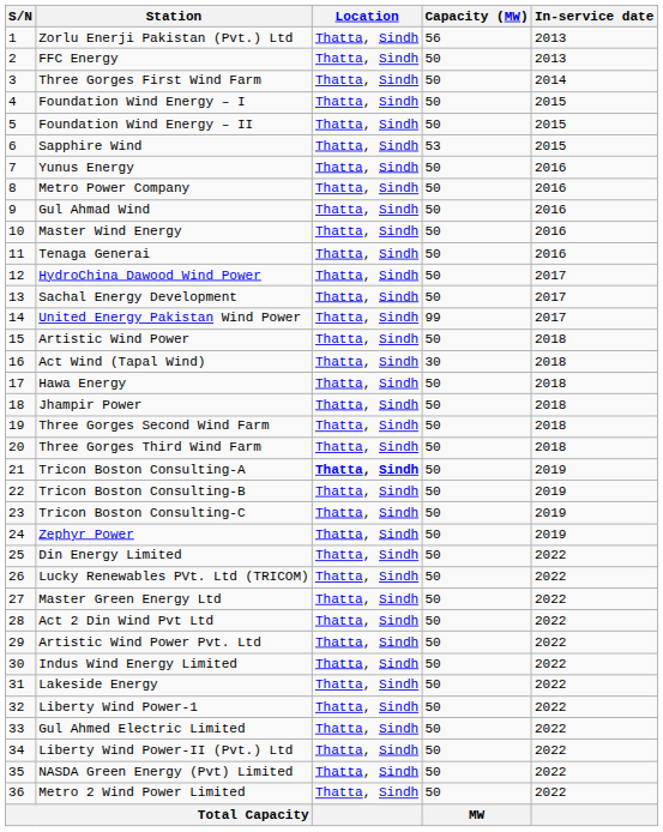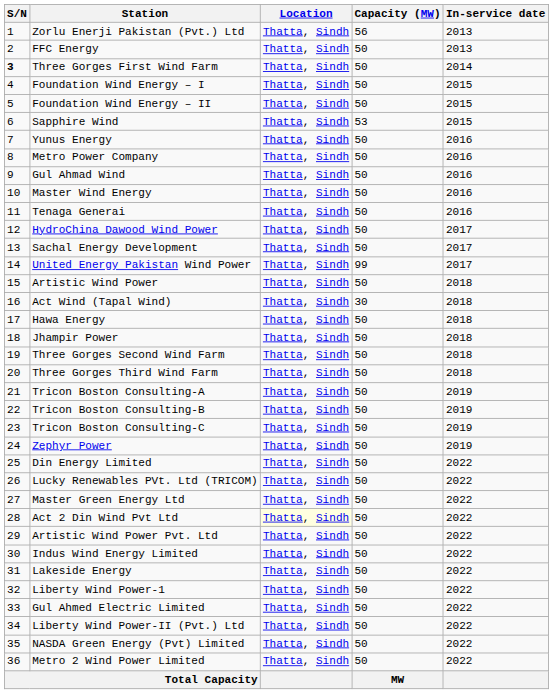 <table class="wikitable sortable">
 <tr>
 <th>S/N</th>
 <th>Station</th>
 <th><a href='#'>Location</a></th>
 <th>Capacity (<a href='#'>MW</a>)</th>
 <th>In-service date</th>
 </tr>
 <tr>
 <td>1</td>
 <td>Zorlu Enerji Pakistan (Pvt.) Ltd</td>
 <td><a href='#'>Thatta</a>, <a href='#'>Sindh</a></td>
 <td>56</td>
 <td>2013</td>
 </tr>
 <tr>
 <td>2</td>
 <td>FFC Energy</td>
 <td><a href='#'>Thatta</a>, <a href='#'>Sindh</a></td>
 <td>50</td>
 <td>2013</td>
 </tr>
 <tr>
-<td>3</td>
+<td><strong>3</strong></td>
 <td>Three Gorges First Wind Farm</td>
 <td><a href='#'>Thatta</a>, <a href='#'>Sindh</a></td>
 <td>50</td>
 <td>2014</td>
 </tr>
 <tr>
 <td>4</td>
 <td>Foundation Wind Energy – I</td>
 <td><a href='#'>Thatta</a>, <a href='#'>Sindh</a></td>
 <td>50</td>
 <td>2015</td>
 </tr>
 <tr>
 <td>5</td>
 <td>Foundation Wind Energy – II</td>
 <td><a href='#'>Thatta</a>, <a href='#'>Sindh</a></td>
 <td>50</td>
 <td>2015</td>
 </tr>
 <tr>
 <td>6</td>
 <td>Sapphire Wind</td>
 <td><a href='#'>Thatta</a>, <a href='#'>Sindh</a></td>
 <td>53</td>
 <td>2015</td>
 </tr>
 <tr>
 <td>7</td>
 <td>Yunus Energy</td>
 <td><a href='#'>Thatta</a>, <a href='#'>Sindh</a></td>
 <td>50</td>
 <td>2016</td>
 </tr>
 <tr>
 <td>8</td>
 <td>Metro Power Company</td>
 <td><a href='#'>Thatta</a>, <a href='#'>Sindh</a></td>
 <td>50</td>
 <td>2016</td>
 </tr>
 <tr>
 <td>9</td>
 <td>Gul Ahmad Wind</td>
 <td><a href='#'>Thatta</a>, <a href='#'>Sindh</a></td>
 <td>50</td>
 <td>2016</td>
 </tr>
 <tr>
 <td>10</td>
 <td>Master Wind Energy</td>
 <td><a href='#'>Thatta</a>, <a href='#'>Sindh</a></td>
 <td>50</td>
 <td>2016</td>
 </tr>
 <tr>
 <td>11</td>
 <td>Tenaga Generai</td>
 <td><a href='#'>Thatta</a>, <a href='#'>Sindh</a></td>
 <td>50</td>
 <td>2016</td>
 </tr>
 <tr>
 <td>12</td>
 <td><a href='#'>HydroChina Dawood Wind Power</a></td>
 <td><a href='#'>Thatta</a>, <a href='#'>Sindh</a></td>
 <td>50</td>
 <td>2017</td>
 </tr>
 <tr>
 <td>13</td>
 <td>Sachal Energy Development</td>
 <td><a href='#'>Thatta</a>, <a href='#'>Sindh</a></td>
 <td>50</td>
 <td>2017</td>
 </tr>
 <tr>
 <td>14</td>
 <td><a href='#'>United Energy Pakistan</a> Wind Power</td>
 <td><a href='#'>Thatta</a>, <a href='#'>Sindh</a></td>
 <td>99</td>
 <td>2017</td>
 </tr>
 <tr>
 <td>15</td>
 <td>Artistic Wind Power</td>
 <td><a href='#'>Thatta</a>, <a href='#'>Sindh</a></td>
 <td>50</td>
 <td>2018</td>
 </tr>
 <tr>
 <td>16</td>
 <td>Act Wind (Tapal Wind)</td>
 <td><a href='#'>Thatta</a>, <a href='#'>Sindh</a></td>
 <td>30</td>
 <td>2018</td>
 </tr>
 <tr>
 <td>17</td>
 <td>Hawa Energy</td>
 <td><a href='#'>Thatta</a>, <a href='#'>Sindh</a></td>
 <td>50</td>
 <td>2018</td>
 </tr>
 <tr>
 <td>18</td>
 <td>Jhampir Power</td>
 <td><a href='#'>Thatta</a>, <a href='#'>Sindh</a></td>
 <td>50</td>
 <td>2018</td>
 </tr>
 <tr>
 <td>19</td>
 <td>Three Gorges Second Wind Farm</td>
 <td><a href='#'>Thatta</a>, <a href='#'>Sindh</a></td>
 <td>50</td>
 <td>2018</td>
 </tr>
 <tr>
 <td>20</td>
 <td>Three Gorges Third Wind Farm</td>
 <td><a href='#'>Thatta</a>, <a href='#'>Sindh</a></td>
 <td>50</td>
 <td>2018</td>
 </tr>
 <tr>
 <td>21</td>
 <td>Tricon Boston Consulting-A</td>
-<td><strong><a href='#'>Thatta</a>, <a href='#'>Sindh</a></strong></td>
+<td><a href='#'>Thatta</a>, <a href='#'>Sindh</a></td>
 <td>50</td>
 <td>2019</td>
 </tr>
 <tr>
 <td>22</td>
 <td>Tricon Boston Consulting-B</td>
 <td><a href='#'>Thatta</a>, <a href='#'>Sindh</a></td>
 <td>50</td>
 <td>2019</td>
 </tr>
 <tr>
 <td>23</td>
 <td>Tricon Boston Consulting-C</td>
 <td><a href='#'>Thatta</a>, <a href='#'>Sindh</a></td>
 <td>50</td>
 <td>2019</td>
 </tr>
 <tr>
 <td>24</td>
 <td><a href='#'>Zephyr Power</a></td>
 <td><a href='#'>Thatta</a>, <a href='#'>Sindh</a></td>
 <td>50</td>
 <td>2019</td>
 </tr>
 <tr>
 <td>25</td>
 <td>Din Energy Limited</td>
 <td><a href='#'>Thatta</a>, <a href='#'>Sindh</a></td>
 <td>50</td>
 <td>2022</td>
 </tr>
 <tr>
 <td>26</td>
 <td>Lucky Renewables PVt. Ltd (TRICOM)</td>
 <td><a href='#'>Thatta</a>, <a href='#'>Sindh</a></td>
 <td>50</td>
 <td>2022</td>
 </tr>
 <tr>
 <td>27</td>
 <td>Master Green Energy Ltd</td>
 <td><a href='#'>Thatta</a>, <a href='#'>Sindh</a></td>
 <td>50</td>
 <td>2022</td>
 </tr>
 <tr>
 <td>28</td>
 <td>Act 2 Din Wind Pvt Ltd</td>
-<td><a href='#'>Thatta</a>, <a href='#'>Sindh</a></td>
+<td style="background: lightyellow;"><a href='#'>Thatta</a>, <a href='#'>Sindh</a></td>
 <td>50</td>
 <td>2022</td>
 </tr>
 <tr>
 <td>29</td>
 <td>Artistic Wind Power Pvt. Ltd</td>
 <td><a href='#'>Thatta</a>, <a href='#'>Sindh</a></td>
 <td>50</td>
 <td>2022</td>
 </tr>
 <tr>
 <td>30</td>
 <td>Indus Wind Energy Limited</td>
 <td><a href='#'>Thatta</a>, <a href='#'>Sindh</a></td>
 <td>50</td>
 <td>2022</td>
 </tr>
 <tr>
 <td>31</td>
 <td>Lakeside Energy</td>
 <td><a href='#'>Thatta</a>, <a href='#'>Sindh</a></td>
 <td>50</td>
 <td>2022</td>
 </tr>
 <tr>
 <td>32</td>
 <td>Liberty Wind Power-1</td>
 <td><a href='#'>Thatta</a>, <a href='#'>Sindh</a></td>
 <td>50</td>
 <td>2022</td>
 </tr>
 <tr>
 <td>33</td>
 <td>Gul Ahmed Electric Limited</td>
 <td><a href='#'>Thatta</a>, <a href='#'>Sindh</a></td>
 <td>50</td>
 <td>2022</td>
 </tr>
 <tr>
 <td>34</td>
 <td>Liberty Wind Power-II (Pvt.) Ltd</td>
 <td><a href='#'>Thatta</a>, <a href='#'>Sindh</a></td>
 <td>50</td>
 <td>2022</td>
 </tr>
 <tr>
 <td>35</td>
 <td>NASDA Green Energy (Pvt) Limited</td>
 <td><a href='#'>Thatta</a>, <a href='#'>Sindh</a></td>
 <td>50</td>
 <td>2022</td>
 </tr>
 <tr>
 <td>36</td>
 <td>Metro 2 Wind Power Limited</td>
 <td><a href='#'>Thatta</a>, <a href='#'>Sindh</a></td>
 <td>50</td>
 <td>2022</td>
 </tr>
 <tr>
 <th colspan="2" style="text-align:right;"><strong>Total Capacity</strong></th>
 <th></th>
 <th style="text-align:center;"><strong> MW</strong></th>
 <th></th>
 </tr>
 </table>
